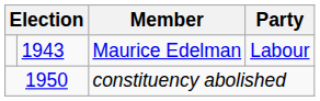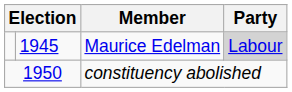 <table class="wikitable">
 <tr>
 <th colspan="2">Election</th>
 <th>Member</th>
 <th>Party</th>
 </tr>
 <tr>
 <td style="color:inherit;background-color: "></td>
-<td><a href='#'>1943</a></td>
+<td><a href='#'>1945</a></td>
 <td><a href='#'>Maurice Edelman</a></td>
-<td><a href='#'>Labour</a></td>
+<td style="background: lightgrey;"><a href='#'>Labour</a></td>
 </tr>
 <tr>
 <td colspan="2" align="center"><a href='#'>1950</a></td>
 <td colspan="2"><em>constituency abolished</em></td>
 </tr>
 </table>
